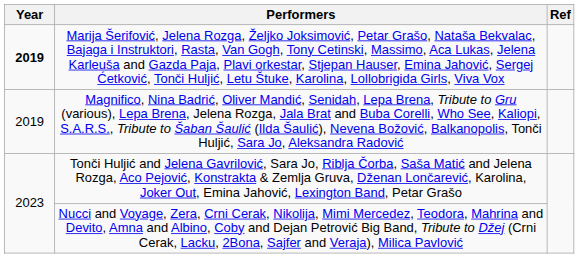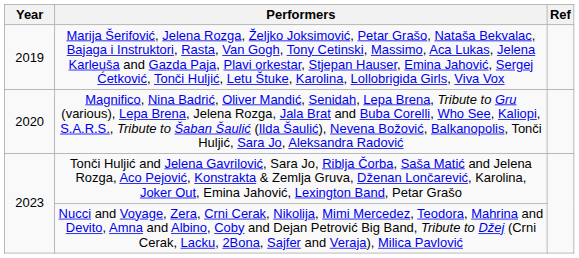 <table class="wikitable" style="text-align:center">
 <tr>
 <th width=55>Year</th>
 <th width=600>Performers</th>
 <th>Ref</th>
 </tr>
 <tr>
-<td><strong>2019</strong></td>
+<td>2019</td>
 <td><a href='#'>Marija Šerifović</a>, <a href='#'>Jelena Rozga</a>, <a href='#'>Željko Joksimović</a>, <a href='#'>Petar Grašo</a>, <a href='#'>Nataša Bekvalac</a>, <a href='#'>Bajaga i Instruktori</a>, <a href='#'>Rasta</a>, <a href='#'>Van Gogh</a>, <a href='#'>Tony Cetinski</a>, <a href='#'>Massimo</a>, <a href='#'>Aca Lukas</a>, <a href='#'>Jelena Karleuša</a> and <a href='#'>Gazda Paja</a>, <a href='#'>Plavi orkestar</a>, <a href='#'>Stjepan Hauser</a>, <a href='#'>Emina Jahović</a>, <a href='#'>Sergej Ćetković</a>, <a href='#'>Tonči Huljić</a>, <a href='#'>Letu Štuke</a>, <a href='#'>Karolina</a>, <a href='#'>Lollobrigida Girls</a>, <a href='#'>Viva Vox</a></td>
 <td></td>
 </tr>
 <tr>
-<td>2019</td>
+<td>2020</td>
 <td><a href='#'>Magnifico</a>, <a href='#'>Nina Badrić</a>, <a href='#'>Oliver Mandić</a>, <a href='#'>Senidah</a>, <a href='#'>Lepa Brena</a>, <em>Tribute to <a href='#'>Gru</a></em> (various), <a href='#'>Lepa Brena</a>, Jelena Rozga, <a href='#'>Jala Brat</a> and <a href='#'>Buba Corelli</a>, <a href='#'>Who See</a>, <a href='#'>Kaliopi</a>, <a href='#'>S.A.R.S.</a>, <em>Tribute to <a href='#'>Šaban Šaulić</a></em> (<a href='#'>Ilda Šaulić</a>), <a href='#'>Nevena Božović</a>, <a href='#'>Balkanopolis</a>, Tonči Huljić, <a href='#'>Sara Jo</a>, <a href='#'>Aleksandra Radović</a></td>
 <td></td>
 </tr>
 <tr>
 <td rowspan="2">2023</td>
 <td>Tonči Huljić and <a href='#'>Jelena Gavrilović</a>, Sara Jo, <a href='#'>Riblja Čorba</a>, <a href='#'>Saša Matić</a> and Jelena Rozga, <a href='#'>Aco Pejović</a>, <a href='#'>Konstrakta</a> & Zemlja Gruva, <a href='#'>Dženan Lončarević</a>, Karolina, <a href='#'>Joker Out</a>, Emina Jahović, <a href='#'>Lexington Band</a>, Petar Grašo</td>
 <td rowspan="2"></td>
 </tr>
 <tr>
 <td><a href='#'>Nucci</a> and <a href='#'>Voyage</a>, <a href='#'>Zera</a>, <a href='#'>Crni Cerak</a>, <a href='#'>Nikolija</a>, <a href='#'>Mimi Mercedez</a>, <a href='#'>Teodora</a>, <a href='#'>Mahrina</a> and <a href='#'>Devito</a>, <a href='#'>Amna</a> and <a href='#'>Albino</a>, <a href='#'>Coby</a> and Dejan Petrović Big Band, <em>Tribute to <a href='#'>Džej</a></em> (Crni Cerak, <a href='#'>Lacku</a>, <a href='#'>2Bona</a>, <a href='#'>Sajfer</a> and <a href='#'>Veraja</a>), <a href='#'>Milica Pavlović</a></td>
 </tr>
 </table>
